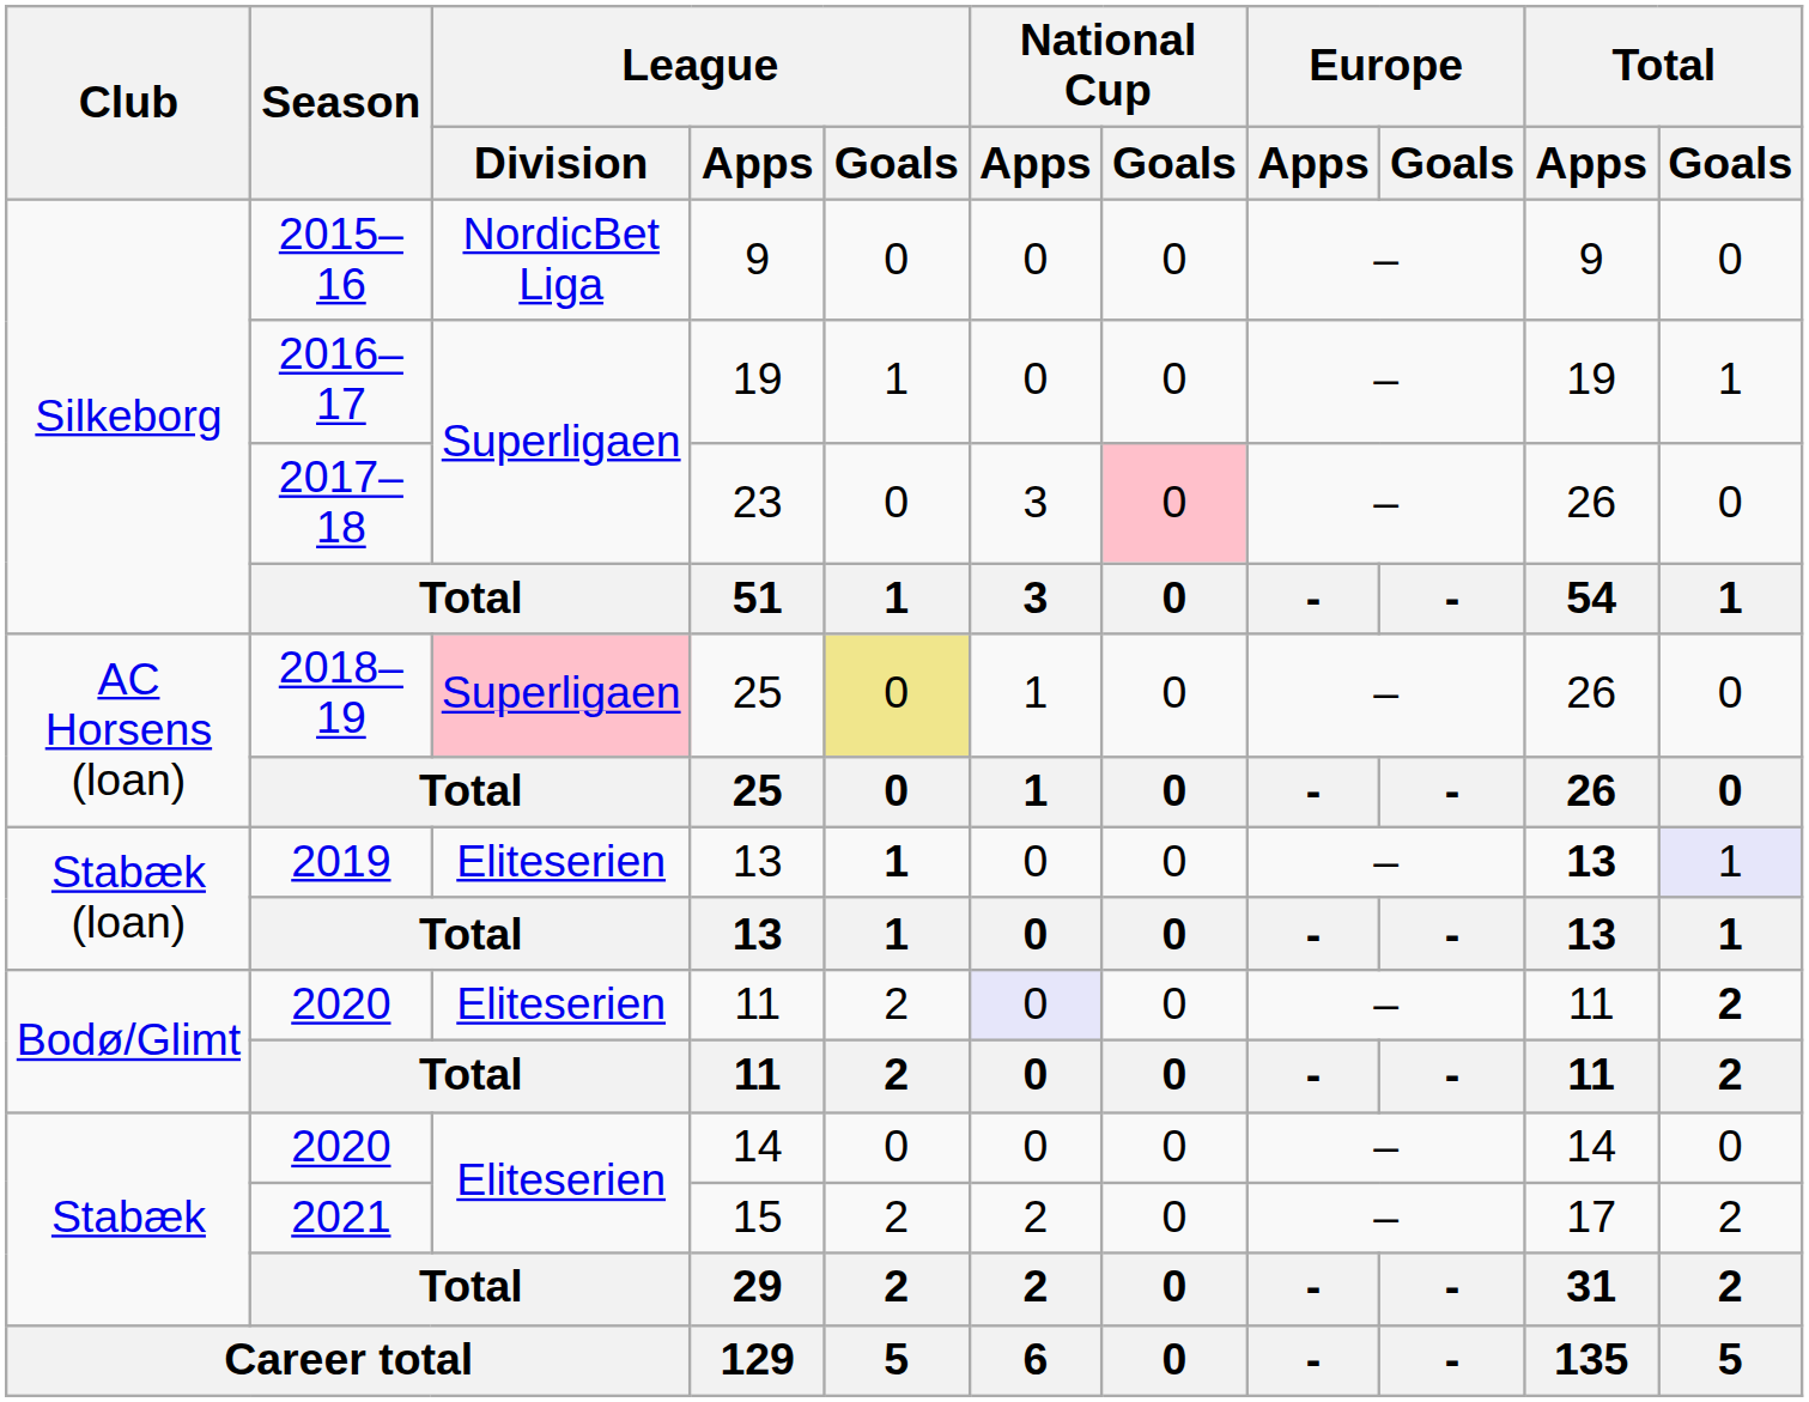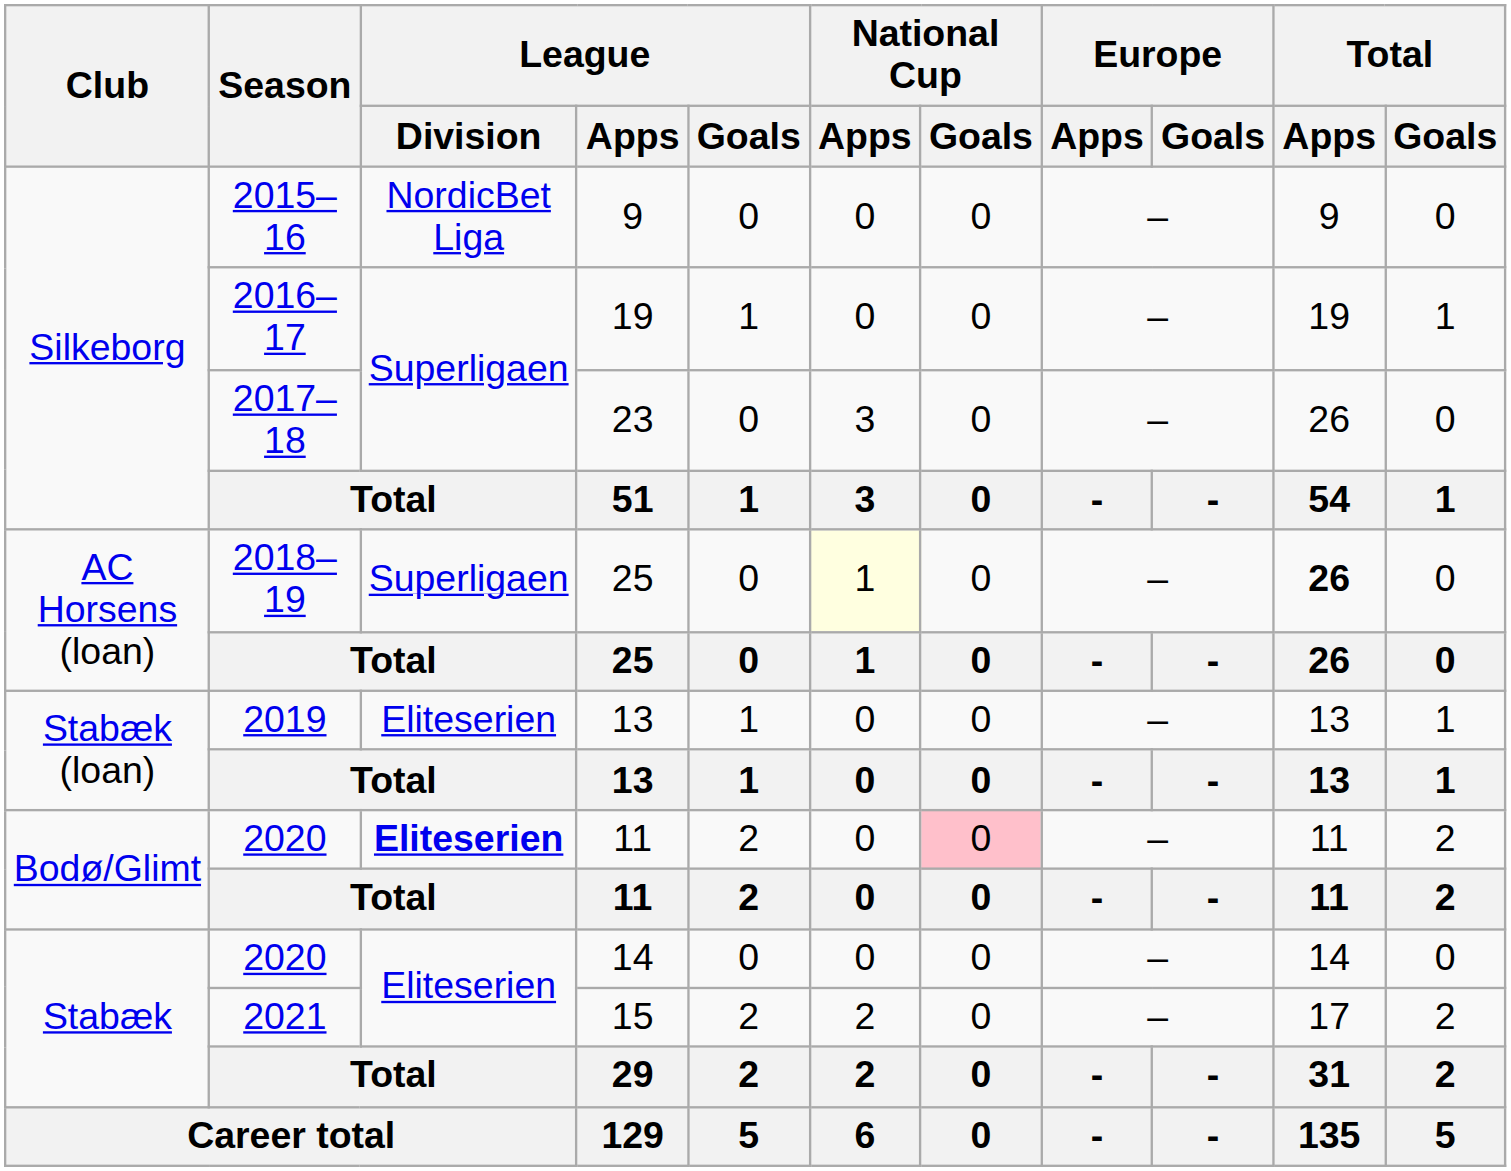 <table class="wikitable" style="text-align: center;">
 <tr>
 <th rowspan="2">Club</th>
 <th rowspan="2">Season</th>
 <th colspan="3">League</th>
 <th colspan="2">National Cup</th>
 <th colspan="2">Europe</th>
 <th colspan="2">Total</th>
 </tr>
 <tr>
 <th>Division</th>
 <th>Apps</th>
 <th>Goals</th>
 <th>Apps</th>
 <th>Goals</th>
 <th>Apps</th>
 <th>Goals</th>
 <th>Apps</th>
 <th>Goals</th>
 </tr>
 <tr>
 <td rowspan="4" valign="center"><a href='#'>Silkeborg</a></td>
 <td><a href='#'>2015–16</a></td>
 <td rowspan="1" valign="center"><a href='#'>NordicBet Liga</a></td>
 <td>9</td>
 <td>0</td>
 <td>0</td>
 <td>0</td>
 <td colspan="2">–</td>
 <td>9</td>
 <td>0</td>
 </tr>
 <tr>
 <td><a href='#'>2016–17</a></td>
 <td rowspan="2" valign="center"><a href='#'>Superligaen</a></td>
 <td>19</td>
 <td>1</td>
 <td>0</td>
 <td>0</td>
 <td colspan="2">–</td>
 <td>19</td>
 <td>1</td>
 </tr>
 <tr>
 <td><a href='#'>2017–18</a></td>
 <td>23</td>
 <td>0</td>
 <td>3</td>
-<td style="background: pink;">0</td>
+<td>0</td>
 <td colspan="2">–</td>
 <td>26</td>
 <td>0</td>
 </tr>
 <tr>
 <th colspan="2">Total</th>
 <th>51</th>
 <th>1</th>
 <th>3</th>
 <th>0</th>
 <th>-</th>
 <th>-</th>
 <th>54</th>
 <th>1</th>
 </tr>
 <tr>
 <td rowspan="2" valign="center"><a href='#'>AC Horsens</a> (loan)</td>
 <td><a href='#'>2018–19</a></td>
-<td rowspan="1" valign="center" style="background: pink;"><a href='#'>Superligaen</a></td>
+<td rowspan="1" valign="center"><a href='#'>Superligaen</a></td>
 <td>25</td>
-<td style="background: khaki;">0</td>
-<td>1</td>
+<td>0</td>
+<td style="background: lightyellow;">1</td>
 <td>0</td>
 <td colspan="2">–</td>
-<td>26</td>
+<td><strong>26</strong></td>
 <td>0</td>
 </tr>
 <tr>
 <th colspan="2">Total</th>
 <th>25</th>
 <th>0</th>
 <th>1</th>
 <th>0</th>
 <th>-</th>
 <th>-</th>
 <th>26</th>
 <th>0</th>
 </tr>
 <tr>
 <td rowspan="2" valign="center"><a href='#'>Stabæk</a> (loan)</td>
 <td><a href='#'>2019</a></td>
 <td rowspan="1" valign="center"><a href='#'>Eliteserien</a></td>
 <td>13</td>
-<td><strong>1</strong></td>
+<td>1</td>
 <td>0</td>
 <td>0</td>
 <td colspan="2">–</td>
-<td><strong>13</strong></td>
-<td style="background: lavender;">1</td>
+<td>13</td>
+<td>1</td>
 </tr>
 <tr>
 <th colspan="2">Total</th>
 <th>13</th>
 <th>1</th>
 <th>0</th>
 <th>0</th>
 <th>-</th>
 <th>-</th>
 <th>13</th>
 <th>1</th>
 </tr>
 <tr>
 <td rowspan="2" valign="center"><a href='#'>Bodø/Glimt</a></td>
 <td><a href='#'>2020</a></td>
-<td rowspan="1" valign="center"><a href='#'>Eliteserien</a></td>
+<td rowspan="1" valign="center"><strong><a href='#'>Eliteserien</a></strong></td>
 <td>11</td>
 <td>2</td>
-<td style="background: lavender;">0</td>
 <td>0</td>
+<td style="background: pink;">0</td>
 <td colspan="2">–</td>
 <td>11</td>
-<td><strong>2</strong></td>
+<td>2</td>
 </tr>
 <tr>
 <th colspan="2">Total</th>
 <th>11</th>
 <th>2</th>
 <th>0</th>
 <th>0</th>
 <th>-</th>
 <th>-</th>
 <th>11</th>
 <th>2</th>
 </tr>
 <tr>
 <td rowspan="3" valign="center"><a href='#'>Stabæk</a></td>
 <td><a href='#'>2020</a></td>
 <td rowspan="2" valign="center"><a href='#'>Eliteserien</a></td>
 <td>14</td>
 <td>0</td>
 <td>0</td>
 <td>0</td>
 <td colspan="2">–</td>
 <td>14</td>
 <td>0</td>
 </tr>
 <tr>
 <td><a href='#'>2021</a></td>
 <td>15</td>
 <td>2</td>
 <td>2</td>
 <td>0</td>
 <td colspan="2">–</td>
 <td>17</td>
 <td>2</td>
 </tr>
 <tr>
 <th colspan="2">Total</th>
 <th>29</th>
 <th>2</th>
 <th>2</th>
 <th>0</th>
 <th>-</th>
 <th>-</th>
 <th>31</th>
 <th>2</th>
 </tr>
 <tr>
 <th colspan="3">Career total</th>
 <th>129</th>
 <th>5</th>
 <th>6</th>
 <th>0</th>
 <th>-</th>
 <th>-</th>
 <th>135</th>
 <th>5</th>
 </tr>
 </table>
